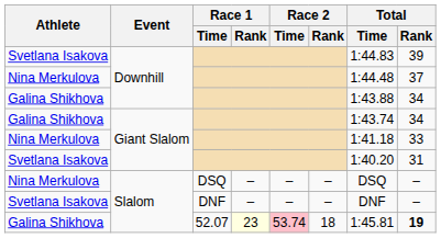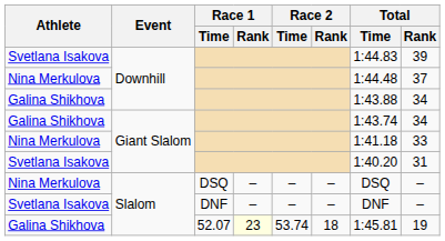 <table class="wikitable" style="font-size:90%">
 <tr>
 <th rowspan="2">Athlete</th>
 <th rowspan="2">Event</th>
 <th colspan="2">Race 1</th>
 <th colspan="2">Race 2</th>
 <th colspan="2">Total</th>
 </tr>
 <tr>
 <th>Time</th>
 <th>Rank</th>
 <th>Time</th>
 <th>Rank</th>
 <th>Time</th>
 <th>Rank</th>
 </tr>
 <tr>
 <td><a href='#'>Svetlana Isakova</a></td>
 <td rowspan="3">Downhill</td>
 <td colspan="4" bgcolor="wheat"></td>
 <td align="center">1:44.83</td>
 <td align="center">39</td>
 </tr>
 <tr>
 <td><a href='#'>Nina Merkulova</a></td>
 <td colspan="4" bgcolor="wheat"></td>
 <td align="center">1:44.48</td>
 <td align="center">37</td>
 </tr>
 <tr>
 <td><a href='#'>Galina Shikhova</a></td>
 <td colspan="4" bgcolor="wheat"></td>
 <td align="center">1:43.88</td>
 <td align="center">34</td>
 </tr>
 <tr>
 <td><a href='#'>Galina Shikhova</a></td>
 <td rowspan="3">Giant Slalom</td>
 <td colspan="4" bgcolor="wheat"></td>
 <td align="center">1:43.74</td>
 <td align="center">34</td>
 </tr>
 <tr>
 <td><a href='#'>Nina Merkulova</a></td>
 <td colspan="4" bgcolor="wheat"></td>
 <td align="center">1:41.18</td>
 <td align="center">33</td>
 </tr>
 <tr>
 <td><a href='#'>Svetlana Isakova</a></td>
 <td colspan="4" bgcolor="wheat"></td>
 <td align="center">1:40.20</td>
 <td align="center">31</td>
 </tr>
 <tr>
 <td><a href='#'>Nina Merkulova</a></td>
 <td rowspan="4">Slalom</td>
 <td align="center">DSQ</td>
 <td align="center">–</td>
 <td align="center">–</td>
 <td align="center">–</td>
 <td align="center">DSQ</td>
 <td align="center">–</td>
 </tr>
 <tr>
 <td><a href='#'>Svetlana Isakova</a></td>
 <td align="center">DNF</td>
 <td align="center">–</td>
 <td align="center">–</td>
 <td align="center">–</td>
 <td align="center">DNF</td>
 <td align="center">–</td>
 </tr>
 <tr>
 <td><a href='#'>Galina Shikhova</a></td>
 <td align="center">52.07</td>
 <td align="center" style="background: lightyellow;">23</td>
-<td align="center" style="background: pink;">53.74</td>
+<td align="center">53.74</td>
 <td align="center">18</td>
 <td align="center">1:45.81</td>
-<td align="center"><strong>19</strong></td>
+<td align="center">19</td>
 </tr>
 </table>
